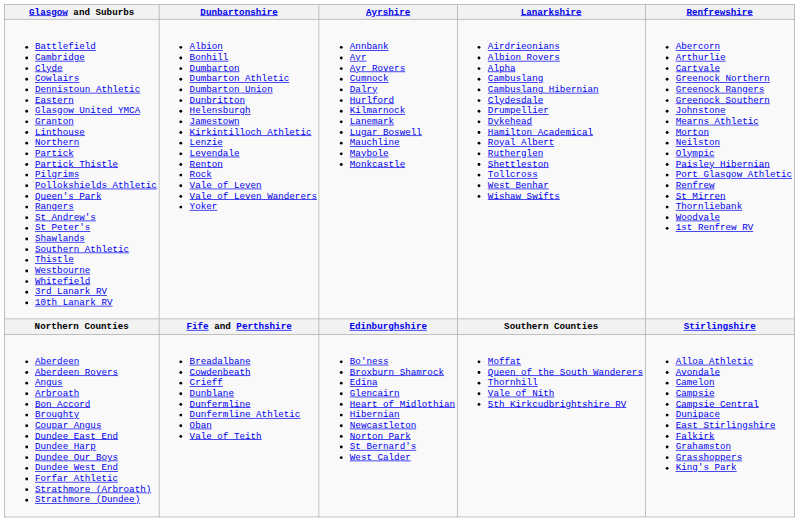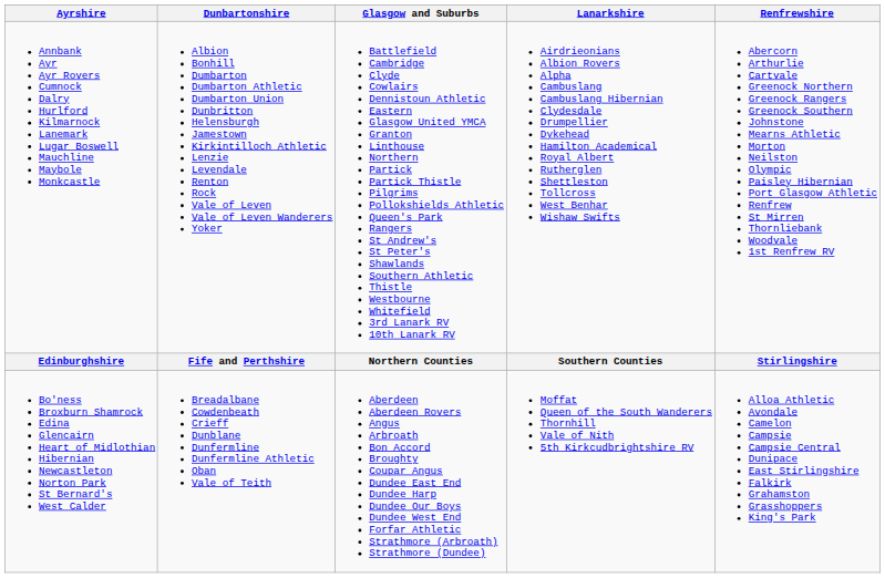 <table class="wikitable" style="text-align:left">
 <tr>
+<th><a href='#'>Ayrshire</a></th>
+<th><a href='#'>Dunbartonshire</a></th>
 <th><a href='#'>Glasgow</a> and Suburbs</th>
-<th><a href='#'>Dunbartonshire</a></th>
-<th><a href='#'>Ayrshire</a></th>
 <th><a href='#'>Lanarkshire</a></th>
 <th><a href='#'>Renfrewshire</a></th>
 </tr>
 <tr>
+<td valign=top><br><ul><li><a href='#'>Annbank</a></li><li><a href='#'>Ayr</a></li><li><a href='#'>Ayr Rovers</a></li><li><a href='#'>Cumnock</a></li><li><a href='#'>Dalry</a></li><li><a href='#'>Hurlford</a></li><li><a href='#'>Kilmarnock</a></li><li><a href='#'>Lanemark</a></li><li><a href='#'>Lugar Boswell</a></li><li><a href='#'>Mauchline</a></li><li><a href='#'>Maybole</a></li><li><a href='#'>Monkcastle</a></li></ul></td>
+<td valign=top><br><ul><li><a href='#'>Albion</a></li><li><a href='#'>Bonhill</a></li><li><a href='#'>Dumbarton</a></li><li><a href='#'>Dumbarton Athletic</a></li><li><a href='#'>Dumbarton Union</a></li><li><a href='#'>Dunbritton</a></li><li><a href='#'>Helensburgh</a></li><li><a href='#'>Jamestown</a></li><li><a href='#'>Kirkintilloch Athletic</a></li><li><a href='#'>Lenzie</a></li><li><a href='#'>Levendale</a></li><li><a href='#'>Renton</a></li><li><a href='#'>Rock</a></li><li><a href='#'>Vale of Leven</a></li><li><a href='#'>Vale of Leven Wanderers</a></li><li><a href='#'>Yoker</a></li></ul></td>
 <td valign=top><br><ul><li><a href='#'>Battlefield</a></li><li><a href='#'>Cambridge</a></li><li><a href='#'>Clyde</a></li><li><a href='#'>Cowlairs</a></li><li><a href='#'>Dennistoun Athletic</a></li><li><a href='#'>Eastern</a></li><li><a href='#'>Glasgow United YMCA</a></li><li><a href='#'>Granton</a></li><li><a href='#'>Linthouse</a></li><li><a href='#'>Northern</a></li><li><a href='#'>Partick</a></li><li><a href='#'>Partick Thistle</a></li><li><a href='#'>Pilgrims</a></li><li><a href='#'>Pollokshields Athletic</a></li><li><a href='#'>Queen's Park</a></li><li><a href='#'>Rangers</a></li><li><a href='#'>St Andrew's</a></li><li><a href='#'>St Peter's</a></li><li><a href='#'>Shawlands</a></li><li><a href='#'>Southern Athletic</a></li><li><a href='#'>Thistle</a></li><li><a href='#'>Westbourne</a></li><li><a href='#'>Whitefield</a></li><li><a href='#'>3rd Lanark RV</a></li><li><a href='#'>10th Lanark RV</a></li></ul></td>
-<td valign=top><br><ul><li><a href='#'>Albion</a></li><li><a href='#'>Bonhill</a></li><li><a href='#'>Dumbarton</a></li><li><a href='#'>Dumbarton Athletic</a></li><li><a href='#'>Dumbarton Union</a></li><li><a href='#'>Dunbritton</a></li><li><a href='#'>Helensburgh</a></li><li><a href='#'>Jamestown</a></li><li><a href='#'>Kirkintilloch Athletic</a></li><li><a href='#'>Lenzie</a></li><li><a href='#'>Levendale</a></li><li><a href='#'>Renton</a></li><li><a href='#'>Rock</a></li><li><a href='#'>Vale of Leven</a></li><li><a href='#'>Vale of Leven Wanderers</a></li><li><a href='#'>Yoker</a></li></ul></td>
-<td valign=top><br><ul><li><a href='#'>Annbank</a></li><li><a href='#'>Ayr</a></li><li><a href='#'>Ayr Rovers</a></li><li><a href='#'>Cumnock</a></li><li><a href='#'>Dalry</a></li><li><a href='#'>Hurlford</a></li><li><a href='#'>Kilmarnock</a></li><li><a href='#'>Lanemark</a></li><li><a href='#'>Lugar Boswell</a></li><li><a href='#'>Mauchline</a></li><li><a href='#'>Maybole</a></li><li><a href='#'>Monkcastle</a></li></ul></td>
 <td valign=top><br><ul><li><a href='#'>Airdrieonians</a></li><li><a href='#'>Albion Rovers</a></li><li><a href='#'>Alpha</a></li><li><a href='#'>Cambuslang</a></li><li><a href='#'>Cambuslang Hibernian</a></li><li><a href='#'>Clydesdale</a></li><li><a href='#'>Drumpellier</a></li><li><a href='#'>Dykehead</a></li><li><a href='#'>Hamilton Academical</a></li><li><a href='#'>Royal Albert</a></li><li><a href='#'>Rutherglen</a></li><li><a href='#'>Shettleston</a></li><li><a href='#'>Tollcross</a></li><li><a href='#'>West Benhar</a></li><li><a href='#'>Wishaw Swifts</a></li></ul></td>
 <td valign=top><br><ul><li><a href='#'>Abercorn</a></li><li><a href='#'>Arthurlie</a></li><li><a href='#'>Cartvale</a></li><li><a href='#'>Greenock Northern</a></li><li><a href='#'>Greenock Rangers</a></li><li><a href='#'>Greenock Southern</a></li><li><a href='#'>Johnstone</a></li><li><a href='#'>Mearns Athletic</a></li><li><a href='#'>Morton</a></li><li><a href='#'>Neilston</a></li><li><a href='#'>Olympic</a></li><li><a href='#'>Paisley Hibernian</a></li><li><a href='#'>Port Glasgow Athletic</a></li><li><a href='#'>Renfrew</a></li><li><a href='#'>St Mirren</a></li><li><a href='#'>Thornliebank</a></li><li><a href='#'>Woodvale</a></li><li><a href='#'>1st Renfrew RV</a></li></ul></td>
 </tr>
 <tr>
+<th><a href='#'>Edinburghshire</a></th>
+<th><a href='#'>Fife</a> and <a href='#'>Perthshire</a></th>
 <th>Northern Counties</th>
-<th><a href='#'>Fife</a> and <a href='#'>Perthshire</a></th>
-<th><a href='#'>Edinburghshire</a></th>
 <th>Southern Counties</th>
 <th><a href='#'>Stirlingshire</a></th>
 </tr>
 <tr>
+<td valign=top><br><ul><li><a href='#'>Bo'ness</a></li><li><a href='#'>Broxburn Shamrock</a></li><li><a href='#'>Edina</a></li><li><a href='#'>Glencairn</a></li><li><a href='#'>Heart of Midlothian</a></li><li><a href='#'>Hibernian</a></li><li><a href='#'>Newcastleton</a></li><li><a href='#'>Norton Park</a></li><li><a href='#'>St Bernard's</a></li><li><a href='#'>West Calder</a></li></ul></td>
+<td valign=top><br><ul><li><a href='#'>Breadalbane</a></li><li><a href='#'>Cowdenbeath</a></li><li><a href='#'>Crieff</a></li><li><a href='#'>Dunblane</a></li><li><a href='#'>Dunfermline</a></li><li><a href='#'>Dunfermline Athletic</a></li><li><a href='#'>Oban</a></li><li><a href='#'>Vale of Teith</a></li></ul></td>
 <td valign=top><br><ul><li><a href='#'>Aberdeen</a></li><li><a href='#'>Aberdeen Rovers</a></li><li><a href='#'>Angus</a></li><li><a href='#'>Arbroath</a></li><li><a href='#'>Bon Accord</a></li><li><a href='#'>Broughty</a></li><li><a href='#'>Coupar Angus</a></li><li><a href='#'>Dundee East End</a></li><li><a href='#'>Dundee Harp</a></li><li><a href='#'>Dundee Our Boys</a></li><li><a href='#'>Dundee West End</a></li><li><a href='#'>Forfar Athletic</a></li><li><a href='#'>Strathmore (Arbroath)</a></li><li><a href='#'>Strathmore (Dundee)</a></li></ul></td>
-<td valign=top><br><ul><li><a href='#'>Breadalbane</a></li><li><a href='#'>Cowdenbeath</a></li><li><a href='#'>Crieff</a></li><li><a href='#'>Dunblane</a></li><li><a href='#'>Dunfermline</a></li><li><a href='#'>Dunfermline Athletic</a></li><li><a href='#'>Oban</a></li><li><a href='#'>Vale of Teith</a></li></ul></td>
-<td valign=top><br><ul><li><a href='#'>Bo'ness</a></li><li><a href='#'>Broxburn Shamrock</a></li><li><a href='#'>Edina</a></li><li><a href='#'>Glencairn</a></li><li><a href='#'>Heart of Midlothian</a></li><li><a href='#'>Hibernian</a></li><li><a href='#'>Newcastleton</a></li><li><a href='#'>Norton Park</a></li><li><a href='#'>St Bernard's</a></li><li><a href='#'>West Calder</a></li></ul></td>
 <td valign=top><br><ul><li><a href='#'>Moffat</a></li><li><a href='#'>Queen of the South Wanderers</a></li><li><a href='#'>Thornhill</a></li><li><a href='#'>Vale of Nith</a></li><li><a href='#'>5th Kirkcudbrightshire RV</a></li></ul></td>
 <td valign=top><br><ul><li><a href='#'>Alloa Athletic</a></li><li><a href='#'>Avondale</a></li><li><a href='#'>Camelon</a></li><li><a href='#'>Campsie</a></li><li><a href='#'>Campsie Central</a></li><li><a href='#'>Dunipace</a></li><li><a href='#'>East Stirlingshire</a></li><li><a href='#'>Falkirk</a></li><li><a href='#'>Grahamston</a></li><li><a href='#'>Grasshoppers</a></li><li><a href='#'>King's Park</a></li></ul></td>
 </tr>
 </table>
